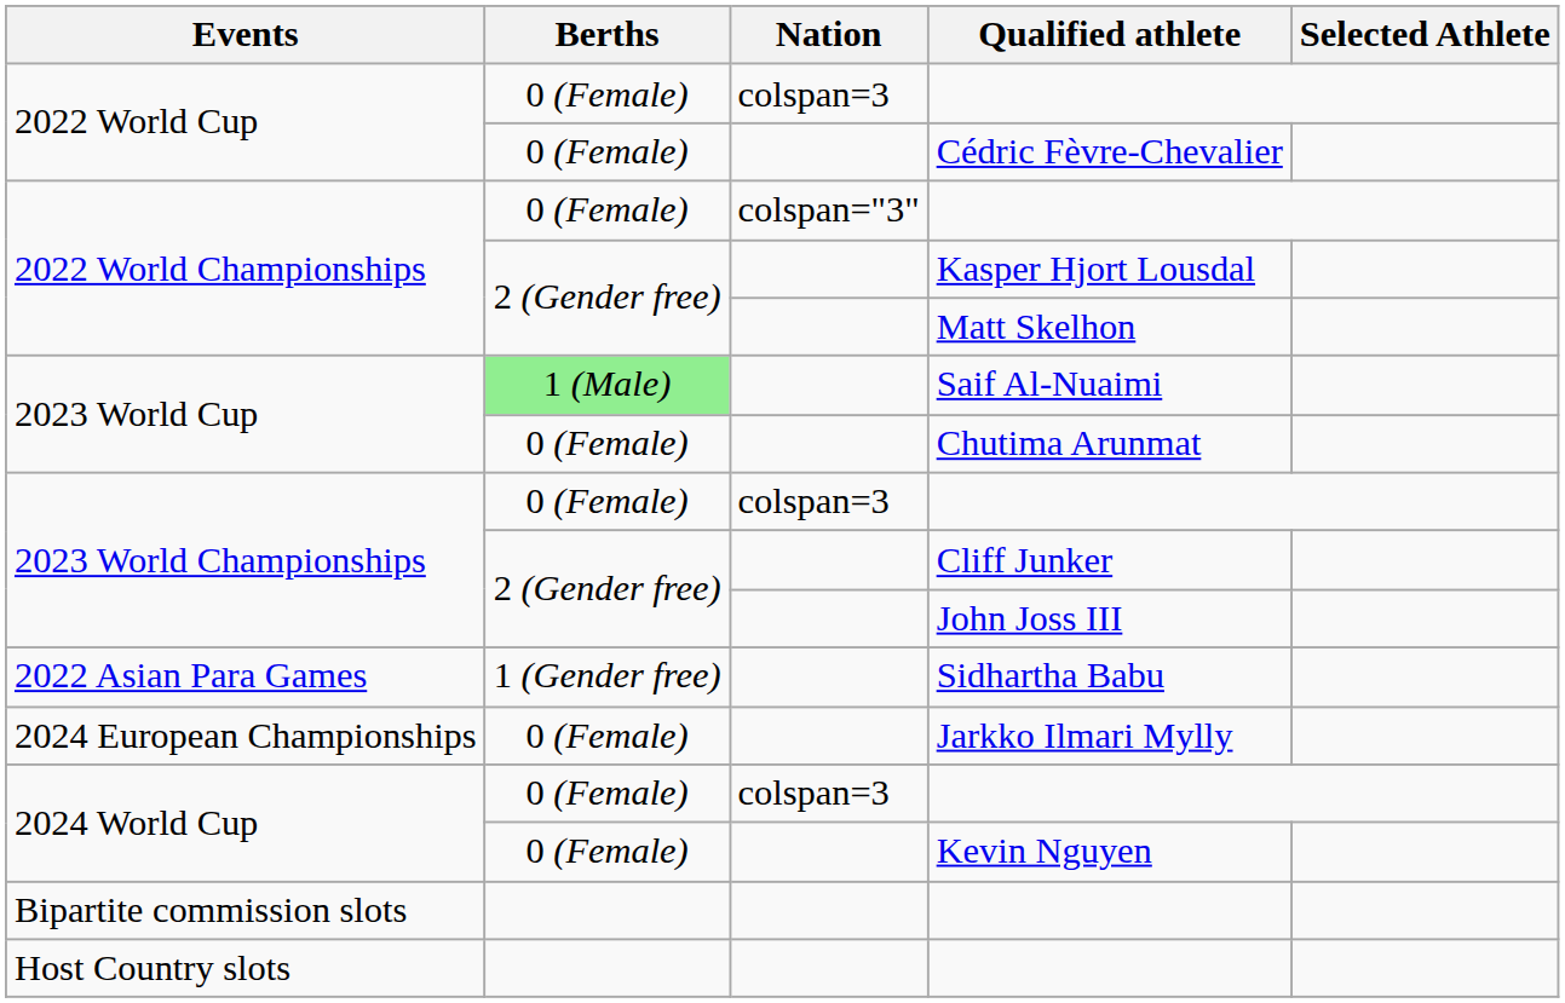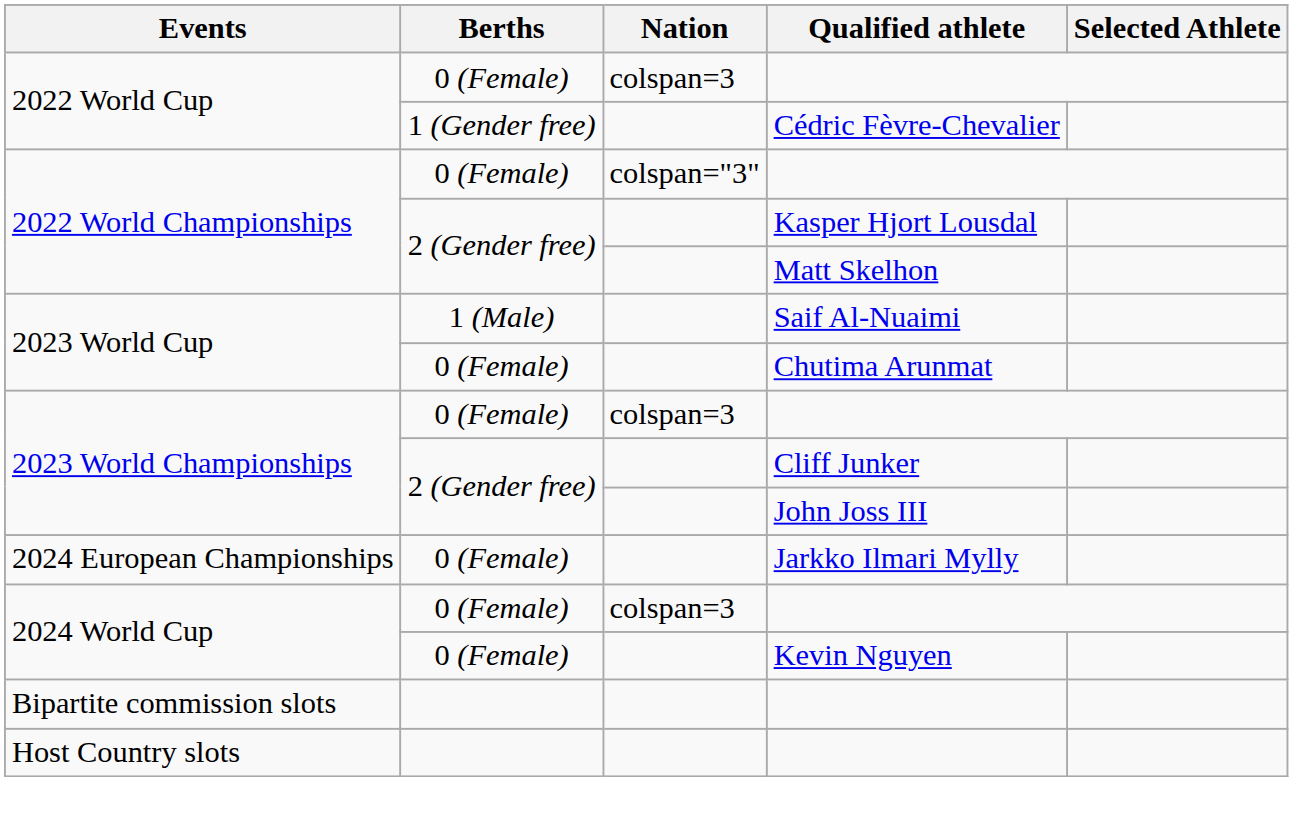 <table class="wikitable">
 <tr>
 <th>Events</th>
 <th>Berths</th>
 <th>Nation</th>
 <th>Qualified athlete</th>
 <th>Selected Athlete</th>
 </tr>
 <tr>
 <td rowspan="2">2022 World Cup</td>
 <td align=center>0 <em>(Female)</em></td>
 <td>colspan=3 </td>
 </tr>
 <tr>
-<td align=center>0 <em>(Female)</em></td>
+<td align=center>1 <em>(Gender free)</em></td>
 <td></td>
 <td><a href='#'>Cédric Fèvre-Chevalier</a></td>
 <td></td>
 </tr>
 <tr>
 <td rowspan="3"><a href='#'>2022 World Championships</a></td>
 <td align=center>0 <em>(Female)</em></td>
 <td>colspan="3" </td>
 </tr>
 <tr>
 <td rowspan="2" align=center>2 <em>(Gender free)</em></td>
 <td></td>
 <td><a href='#'>Kasper Hjort Lousdal</a></td>
 <td></td>
 </tr>
 <tr>
 <td></td>
 <td><a href='#'>Matt Skelhon</a></td>
 <td></td>
 </tr>
 <tr>
 <td rowspan="2">2023 World Cup</td>
-<td align=center style="background: lightgreen;">1 <em>(Male)</em></td>
+<td align=center>1 <em>(Male)</em></td>
 <td></td>
 <td><a href='#'>Saif Al-Nuaimi</a></td>
 <td></td>
 </tr>
 <tr>
 <td align=center>0 <em>(Female)</em></td>
 <td></td>
 <td><a href='#'>Chutima Arunmat</a></td>
 <td></td>
 </tr>
 <tr>
 <td rowspan="3"><a href='#'>2023 World Championships</a></td>
 <td align=center>0 <em>(Female)</em></td>
 <td>colspan=3 </td>
 </tr>
 <tr>
 <td rowspan="2" align=center>2 <em>(Gender free)</em></td>
 <td></td>
 <td><a href='#'>Cliff Junker</a></td>
 <td></td>
 </tr>
 <tr>
 <td></td>
 <td><a href='#'>John Joss III</a></td>
-<td></td>
-</tr>
-<tr>
-<td><a href='#'>2022 Asian Para Games</a></td>
-<td align=center>1 <em>(Gender free)</em></td>
-<td></td>
-<td><a href='#'>Sidhartha Babu</a></td>
 <td></td>
 </tr>
 <tr>
 <td>2024 European Championships</td>
 <td align=center>0 <em>(Female)</em></td>
 <td></td>
 <td><a href='#'>Jarkko Ilmari Mylly</a></td>
 <td></td>
 </tr>
 <tr>
 <td rowspan="2">2024 World Cup</td>
 <td align=center>0 <em>(Female)</em></td>
 <td>colspan=3 </td>
 </tr>
 <tr>
 <td align=center>0 <em>(Female)</em></td>
 <td></td>
 <td><a href='#'>Kevin Nguyen</a></td>
 <td></td>
 </tr>
 <tr>
 <td>Bipartite commission slots</td>
 <td></td>
 <td></td>
 <td></td>
 <td></td>
 </tr>
 <tr>
 <td>Host Country slots</td>
 <td></td>
 <td></td>
 <td></td>
 <td></td>
 </tr>
 </table>
